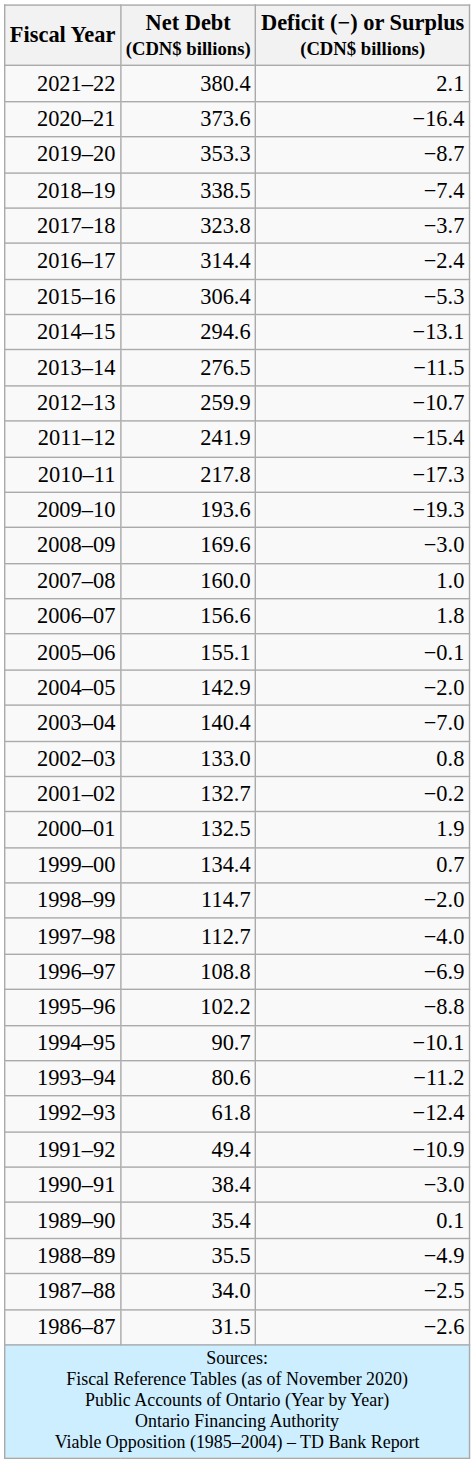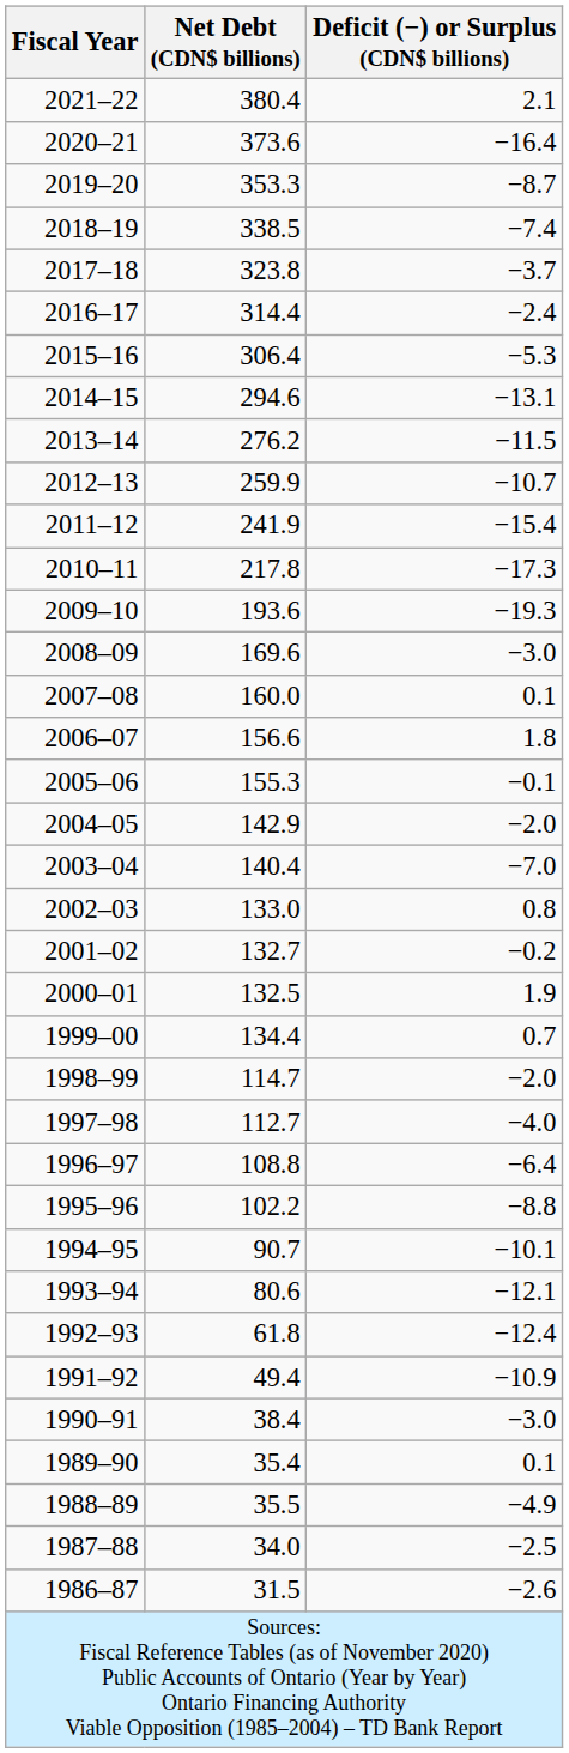 <table class="wikitable" style="float: right; text-align:right" border="1">
 <tr>
 <th>Fiscal Year</th>
 <th>Net Debt<br><small>(CDN$ billions)</small></th>
 <th>Deficit (−) or Surplus<br><small>(CDN$ billions)</small></th>
 </tr>
 <tr>
 <td>2021–22</td>
 <td>380.4</td>
 <td>2.1</td>
 </tr>
 <tr>
 <td>2020–21</td>
 <td>373.6</td>
 <td>−16.4</td>
 </tr>
 <tr>
 <td>2019–20</td>
 <td>353.3</td>
 <td>−8.7</td>
 </tr>
 <tr>
 <td>2018–19</td>
 <td>338.5</td>
 <td>−7.4</td>
 </tr>
 <tr>
 <td>2017–18</td>
 <td>323.8</td>
 <td>−3.7</td>
 </tr>
 <tr>
 <td>2016–17</td>
 <td>314.4</td>
 <td>−2.4</td>
 </tr>
 <tr>
 <td>2015–16</td>
 <td>306.4</td>
 <td>−5.3</td>
 </tr>
 <tr>
 <td>2014–15</td>
 <td>294.6</td>
 <td>−13.1</td>
 </tr>
 <tr>
 <td>2013–14</td>
-<td>276.5</td>
+<td>276.2</td>
 <td>−11.5</td>
 </tr>
 <tr>
 <td>2012–13</td>
 <td>259.9</td>
 <td>−10.7</td>
 </tr>
 <tr>
 <td>2011–12</td>
 <td>241.9</td>
 <td>−15.4</td>
 </tr>
 <tr>
 <td>2010–11</td>
 <td>217.8</td>
 <td>−17.3</td>
 </tr>
 <tr>
 <td>2009–10</td>
 <td>193.6</td>
 <td>−19.3</td>
 </tr>
 <tr>
 <td>2008–09</td>
 <td>169.6</td>
 <td>−3.0</td>
 </tr>
 <tr>
 <td>2007–08</td>
 <td>160.0</td>
-<td>1.0</td>
+<td>0.1</td>
 </tr>
 <tr>
 <td>2006–07</td>
 <td>156.6</td>
 <td>1.8</td>
 </tr>
 <tr>
 <td>2005–06</td>
-<td>155.1</td>
+<td>155.3</td>
 <td>−0.1</td>
 </tr>
 <tr>
 <td>2004–05</td>
 <td>142.9</td>
 <td>−2.0</td>
 </tr>
 <tr>
 <td>2003–04</td>
 <td>140.4</td>
 <td>−7.0</td>
 </tr>
 <tr>
 <td>2002–03</td>
 <td>133.0</td>
 <td>0.8</td>
 </tr>
 <tr>
 <td>2001–02</td>
 <td>132.7</td>
 <td>−0.2</td>
 </tr>
 <tr>
 <td>2000–01</td>
 <td>132.5</td>
 <td>1.9</td>
 </tr>
 <tr>
 <td>1999–00</td>
 <td>134.4</td>
 <td>0.7</td>
 </tr>
 <tr>
 <td>1998–99</td>
 <td>114.7</td>
 <td>−2.0</td>
 </tr>
 <tr>
 <td>1997–98</td>
 <td>112.7</td>
 <td>−4.0</td>
 </tr>
 <tr>
 <td>1996–97</td>
 <td>108.8</td>
-<td>−6.9</td>
+<td>−6.4</td>
 </tr>
 <tr>
 <td>1995–96</td>
 <td>102.2</td>
 <td>−8.8</td>
 </tr>
 <tr>
 <td>1994–95</td>
 <td>90.7</td>
 <td>−10.1</td>
 </tr>
 <tr>
 <td>1993–94</td>
 <td>80.6</td>
-<td>−11.2</td>
+<td>−12.1</td>
 </tr>
 <tr>
 <td>1992–93</td>
 <td>61.8</td>
 <td>−12.4</td>
 </tr>
 <tr>
 <td>1991–92</td>
 <td>49.4</td>
 <td>−10.9</td>
 </tr>
 <tr>
 <td>1990–91</td>
 <td>38.4</td>
 <td>−3.0</td>
 </tr>
 <tr>
 <td>1989–90</td>
 <td>35.4</td>
 <td>0.1</td>
 </tr>
 <tr>
 <td>1988–89</td>
 <td>35.5</td>
 <td>−4.9</td>
 </tr>
 <tr>
 <td>1987–88</td>
 <td>34.0</td>
 <td>−2.5</td>
 </tr>
 <tr>
 <td>1986–87</td>
 <td>31.5</td>
 <td>−2.6</td>
 </tr>
 <tr>
 <td colspan="4" style="font-size:80%; background:#cef; text-align:center;">Sources:<br>Fiscal Reference Tables (as of November 2020) <br> Public Accounts of Ontario (Year by Year) <br> Ontario Financing Authority <br> Viable Opposition (1985–2004) – TD Bank Report<br></td>
 </tr>
 </table>
